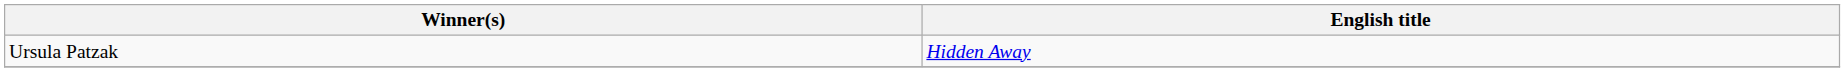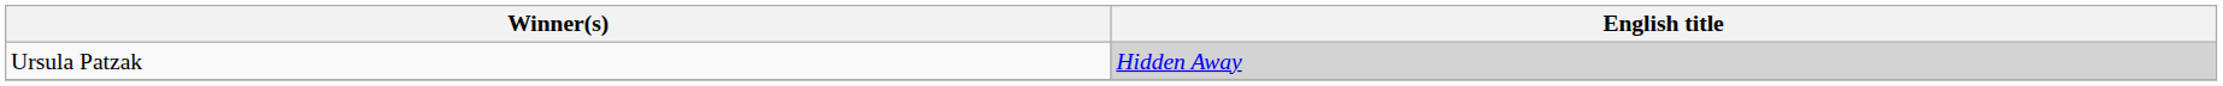 <table class="wikitable" width="95%" cellpadding="5">
 <tr>
 <th width="18%">Winner(s)</th>
 <th width="18%">English title</th>
 </tr>
 <tr>
 <td>  Ursula Patzak</td>
-<td><em><a href='#'>Hidden Away</a></em></td>
+<td style="background: lightgrey;"><em><a href='#'>Hidden Away</a></em></td>
 </tr>
 <tr>
 </tr>
 </table>
